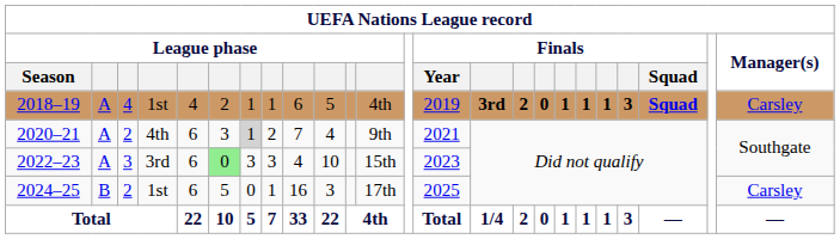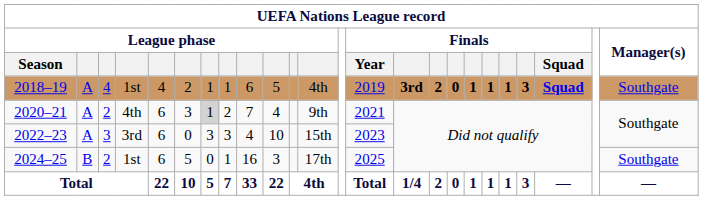 <table class="wikitable" style="text-align:center">
 <tr>
 <th colspan="24" style="background:white; color:#0B0B3F; ">UEFA Nations League record</th>
 </tr>
 <tr>
 <th colspan="12" style="background:white; color:#0B0B3F; ">League phase</th>
 <th style="width:1%;background:white" rowspan=99></th>
 <th colspan="9" style="background:white; color:#0B0B3F; ">Finals</th>
 <th style="width:1%;background:white" rowspan=99></th>
 <th rowspan="2" style="background:white; color:#0B0B3F; ">Manager(s)</th>
 </tr>
 <tr>
 <th scope="col">Season</th>
 <th scope="col"></th>
 <th scope="col"></th>
 <th scope="col"></th>
 <th scope="col"></th>
 <th scope="col"></th>
 <th scope="col"></th>
 <th scope="col"></th>
 <th scope="col"></th>
 <th scope="col"></th>
 <th scope="col"></th>
 <th scope="col"></th>
 <th scope="col">Year</th>
 <th scope="col"></th>
 <th scope="col"></th>
 <th scope="col"></th>
 <th scope="col"></th>
 <th scope="col"></th>
 <th scope="col"></th>
 <th scope="col"></th>
 <th scope="col">Squad</th>
 </tr>
 <tr style="background:#c96">
 <td scope="row"><a href='#'>2018–19</a></td>
 <td><a href='#'>A</a></td>
 <td><a href='#'>4</a></td>
 <td>1st</td>
 <td>4</td>
 <td>2</td>
 <td>1</td>
 <td>1</td>
 <td>6</td>
 <td>5</td>
 <td></td>
 <td>4th</td>
 <td> <a href='#'>2019</a></td>
 <td><strong>3rd</strong></td>
 <td><strong>2</strong></td>
 <td><strong>0</strong></td>
 <td><strong>1</strong></td>
 <td><strong>1</strong></td>
 <td><strong>1</strong></td>
 <td><strong>3</strong></td>
 <td><strong><a href='#'>Squad</a></strong></td>
-<td><a href='#'>Carsley</a></td>
+<td><a href='#'>Southgate</a></td>
 </tr>
 <tr>
 <td scope="row"><a href='#'>2020–21</a></td>
 <td><a href='#'>A</a></td>
 <td><a href='#'>2</a></td>
 <td>4th</td>
 <td>6</td>
 <td>3</td>
 <td style="background: lightgrey;">1</td>
 <td>2</td>
 <td>7</td>
 <td>4</td>
 <td></td>
 <td>9th</td>
 <td> <a href='#'>2021</a></td>
 <td rowspan="3" colspan="8"><em>Did not qualify</em></td>
 <td rowspan="2">Southgate</td>
 </tr>
 <tr>
 <td scope="row"><a href='#'>2022–23</a></td>
 <td><a href='#'>A</a></td>
 <td><a href='#'>3</a></td>
 <td>3rd</td>
 <td>6</td>
-<td style="background: lightgreen;">0</td>
+<td>0</td>
 <td>3</td>
 <td>3</td>
 <td>4</td>
 <td>10</td>
 <td></td>
 <td>15th</td>
 <td> <a href='#'>2023</a></td>
 </tr>
 <tr>
 <td><a href='#'>2024–25</a></td>
 <td><a href='#'>B</a></td>
 <td><a href='#'>2</a></td>
 <td>1st</td>
 <td>6</td>
 <td>5</td>
 <td>0</td>
 <td>1</td>
 <td>16</td>
 <td>3</td>
 <td></td>
 <td>17th</td>
 <td> <a href='#'>2025</a></td>
-<td><a href='#'>Carsley</a></td>
+<td><a href='#'>Southgate</a></td>
 </tr>
 <tr>
 <th colspan="4" style="background:white; color:#0B0B3F; ">Total</th>
 <th style="background:white; color:#0B0B3F; ">22</th>
 <th style="background:white; color:#0B0B3F; ">10</th>
 <th style="background:white; color:#0B0B3F; ">5</th>
 <th style="background:white; color:#0B0B3F; ">7</th>
 <th style="background:white; color:#0B0B3F; ">33</th>
 <th style="background:white; color:#0B0B3F; ">22</th>
 <th colspan="2" style="background:white; color:#0B0B3F; ">4th</th>
 <th style="background:white; color:#0B0B3F; ">Total</th>
 <th style="background:white; color:#0B0B3F; ">1/4</th>
 <th style="background:white; color:#0B0B3F; ">2</th>
 <th style="background:white; color:#0B0B3F; ">0</th>
 <th style="background:white; color:#0B0B3F; ">1</th>
 <th style="background:white; color:#0B0B3F; ">1</th>
 <th style="background:white; color:#0B0B3F; ">1</th>
 <th style="background:white; color:#0B0B3F; ">3</th>
 <th style="background:white; color:#0B0B3F; ">—</th>
 <th style="background:white; color:#0B0B3F; ">—</th>
 </tr>
 </table>
